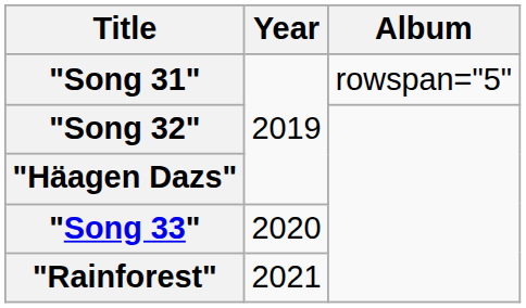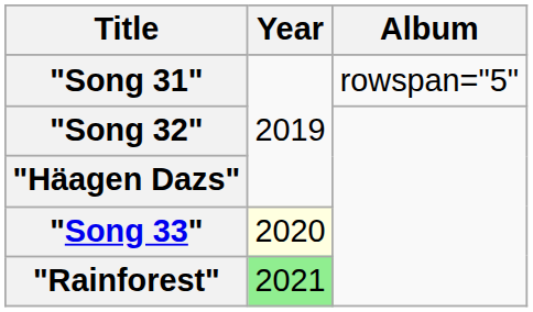 <table class="wikitable plainrowheaders" style="text-align:center;">
 <tr>
 <th scope="col">Title</th>
 <th scope="col">Year</th>
 <th scope="col">Album</th>
 </tr>
 <tr>
 <th scope="row">"Song 31"<br></th>
 <td rowspan="3">2019</td>
 <td>rowspan="5" </td>
 </tr>
 <tr>
 <th scope="row">"Song 32"</th>
 </tr>
 <tr>
 <th scope="row">"Häagen Dazs"<br></th>
 </tr>
 <tr>
 <th scope="row">"<a href='#'>Song 33</a>"</th>
-<td>2020</td>
+<td style="background: lightyellow;">2020</td>
 </tr>
 <tr>
 <th scope="row">"Rainforest"</th>
-<td>2021</td>
+<td style="background: lightgreen;">2021</td>
 </tr>
 </table>
